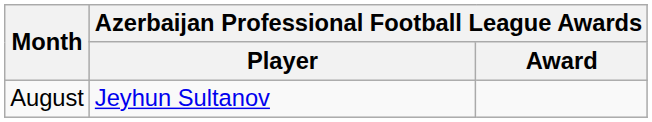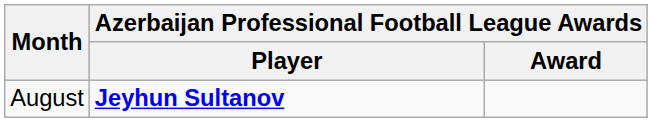 <table class="wikitable">
 <tr>
 <th rowspan=2>Month</th>
 <th colspan=2>Azerbaijan Professional Football League Awards</th>
 </tr>
 <tr>
 <th>Player</th>
 <th>Award</th>
 </tr>
 <tr>
 <td>August</td>
-<td> <a href='#'>Jeyhun Sultanov</a></td>
+<td><strong> <a href='#'>Jeyhun Sultanov</a></strong></td>
 <td></td>
 </tr>
 </table>
